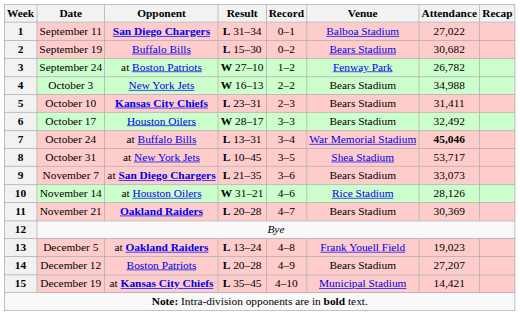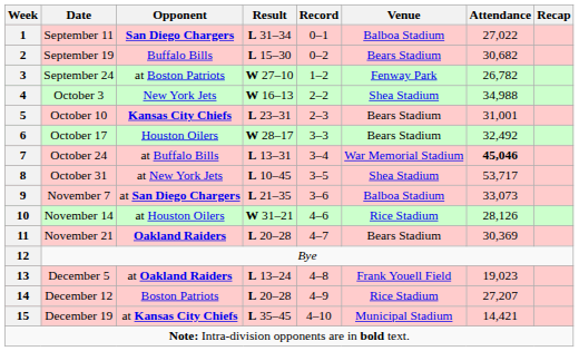 <table class="wikitable" style="text-align:center">
 <tr>
 <th>Week</th>
 <th>Date</th>
 <th>Opponent</th>
 <th>Result</th>
 <th>Record</th>
 <th>Venue</th>
 <th>Attendance</th>
 <th>Recap</th>
 </tr>
 <tr style="background:#fcc">
 <th>1</th>
 <td>September 11</td>
 <td><strong><a href='#'>San Diego Chargers</a></strong></td>
 <td><strong>L</strong> 31–34</td>
 <td>0–1</td>
 <td><a href='#'>Balboa Stadium</a></td>
 <td>27,022</td>
 <td></td>
 </tr>
 <tr style="background:#fcc">
 <th>2</th>
 <td>September 19</td>
 <td><a href='#'>Buffalo Bills</a></td>
 <td><strong>L</strong> 15–30</td>
 <td>0–2</td>
 <td><a href='#'>Bears Stadium</a></td>
 <td>30,682</td>
 <td></td>
 </tr>
 <tr style="background:#cfc">
 <th>3</th>
 <td>September 24</td>
 <td>at <a href='#'>Boston Patriots</a></td>
 <td><strong>W</strong> 27–10</td>
 <td>1–2</td>
 <td><a href='#'>Fenway Park</a></td>
 <td>26,782</td>
 <td></td>
 </tr>
 <tr style="background:#cfc">
 <th>4</th>
 <td>October 3</td>
 <td><a href='#'>New York Jets</a></td>
 <td><strong>W</strong> 16–13</td>
 <td>2–2</td>
-<td>Bears Stadium</td>
+<td><a href='#'>Shea Stadium</a></td>
 <td>34,988</td>
 <td></td>
 </tr>
 <tr style="background:#fcc">
 <th>5</th>
 <td>October 10</td>
 <td><strong><a href='#'>Kansas City Chiefs</a></strong></td>
 <td><strong>L</strong> 23–31</td>
 <td>2–3</td>
 <td>Bears Stadium</td>
-<td>31,411</td>
+<td>31,001</td>
 <td></td>
 </tr>
 <tr style="background:#cfc">
 <th>6</th>
 <td>October 17</td>
 <td><a href='#'>Houston Oilers</a></td>
 <td><strong>W</strong> 28–17</td>
 <td>3–3</td>
 <td>Bears Stadium</td>
 <td>32,492</td>
 <td></td>
 </tr>
 <tr style="background:#fcc">
 <th>7</th>
 <td>October 24</td>
 <td>at <a href='#'>Buffalo Bills</a></td>
 <td><strong>L</strong> 13–31</td>
 <td>3–4</td>
 <td><a href='#'>War Memorial Stadium</a></td>
 <td><strong>45,046</strong></td>
 <td></td>
 </tr>
 <tr style="background:#fcc">
 <th>8</th>
 <td>October 31</td>
 <td>at <a href='#'>New York Jets</a></td>
 <td><strong>L</strong> 10–45</td>
 <td>3–5</td>
 <td><a href='#'>Shea Stadium</a></td>
 <td>53,717</td>
 <td></td>
 </tr>
 <tr style="background:#fcc">
 <th>9</th>
 <td>November 7</td>
 <td>at <strong><a href='#'>San Diego Chargers</a></strong></td>
 <td><strong>L</strong> 21–35</td>
 <td>3–6</td>
-<td>Bears Stadium</td>
+<td><a href='#'>Balboa Stadium</a></td>
 <td>33,073</td>
 <td></td>
 </tr>
 <tr style="background:#cfc">
 <th>10</th>
 <td>November 14</td>
 <td>at <a href='#'>Houston Oilers</a></td>
 <td><strong>W</strong> 31–21</td>
 <td>4–6</td>
 <td><a href='#'>Rice Stadium</a></td>
 <td>28,126</td>
 <td></td>
 </tr>
 <tr style="background:#fcc">
 <th>11</th>
 <td>November 21</td>
 <td><strong><a href='#'>Oakland Raiders</a></strong></td>
 <td><strong>L</strong> 20–28</td>
 <td>4–7</td>
 <td>Bears Stadium</td>
 <td>30,369</td>
 <td></td>
 </tr>
 <tr>
 <th>12</th>
 <td colspan="7" align="center"><em>Bye</em></td>
 </tr>
 <tr style="background:#fcc">
 <th>13</th>
 <td>December 5</td>
 <td>at <strong><a href='#'>Oakland Raiders</a></strong></td>
 <td><strong>L</strong> 13–24</td>
 <td>4–8</td>
 <td><a href='#'>Frank Youell Field</a></td>
 <td>19,023</td>
 <td></td>
 </tr>
 <tr style="background:#fcc">
 <th>14</th>
 <td>December 12</td>
 <td><a href='#'>Boston Patriots</a></td>
 <td><strong>L</strong> 20–28</td>
 <td>4–9</td>
-<td>Bears Stadium</td>
+<td><a href='#'>Rice Stadium</a></td>
 <td>27,207</td>
 <td></td>
 </tr>
 <tr style="background:#fcc">
 <th>15</th>
 <td>December 19</td>
 <td>at <strong><a href='#'>Kansas City Chiefs</a></strong></td>
 <td><strong>L</strong> 35–45</td>
 <td>4–10</td>
 <td><a href='#'>Municipal Stadium</a></td>
 <td>14,421</td>
 <td></td>
 </tr>
 <tr>
 <td colspan="8"><strong>Note:</strong> Intra-division opponents are in <strong>bold</strong> text.</td>
 </tr>
 </table>
